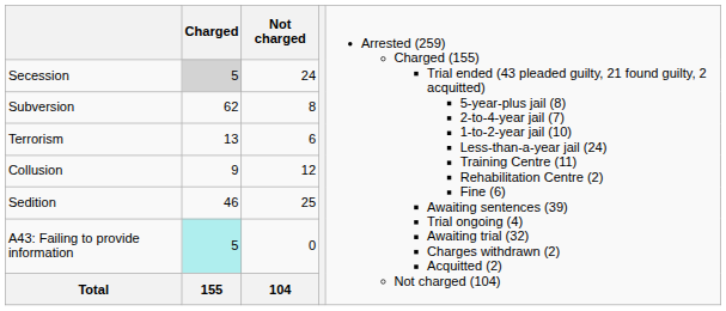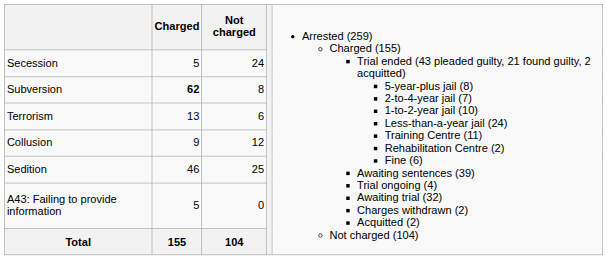 <table class="wikitable">
 <tr>
 <th></th>
 <th>Charged</th>
 <th>Not charged</th>
 <th rowspan="8"></th>
 <td rowspan="8"><br><ul><li>Arrested (259)<ul><li>Charged (155)<ul><li>Trial ended (43 pleaded guilty, 21 found guilty, 2 acquitted)<ul><li>5-year-plus jail (8)</li><li>2-to-4-year jail (7)</li><li>1-to-2-year jail (10)</li><li>Less-than-a-year jail (24)</li><li>Training Centre (11)</li><li>Rehabilitation Centre (2)</li><li>Fine (6)</li></ul></li><li>Awaiting sentences (39)</li><li>Trial ongoing (4)</li><li>Awaiting trial (32)</li><li>Charges withdrawn (2)</li><li>Acquitted (2)</li></ul></li><li>Not charged (104)</li></ul></li></ul></td>
 </tr>
 <tr>
 <td>Secession</td>
-<td align=right style="background: lightgrey;">5</td>
+<td align=right>5</td>
 <td align=right>24</td>
 </tr>
 <tr>
 <td>Subversion</td>
-<td align=right>62</td>
+<td align=right><strong>62</strong></td>
 <td align=right>8</td>
 </tr>
 <tr>
 <td>Terrorism</td>
 <td align=right>13</td>
 <td align=right>6</td>
 </tr>
 <tr>
 <td>Collusion</td>
 <td align=right>9</td>
 <td align=right>12</td>
 </tr>
 <tr>
 <td>Sedition</td>
 <td align=right>46</td>
 <td align=right>25</td>
 </tr>
 <tr>
 <td>A43: Failing to provide information</td>
-<td align=right style="background: paleturquoise;">5</td>
+<td align=right>5</td>
 <td align=right>0</td>
 </tr>
 <tr>
 <th><strong>Total</strong></th>
 <th align=right><strong>155</strong></th>
 <th align=right><strong>104</strong></th>
 </tr>
 </table>
